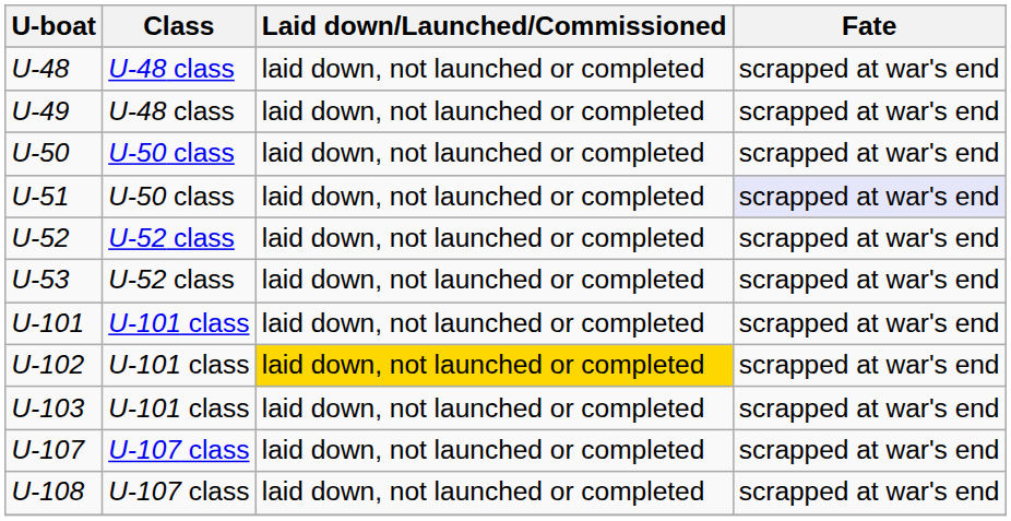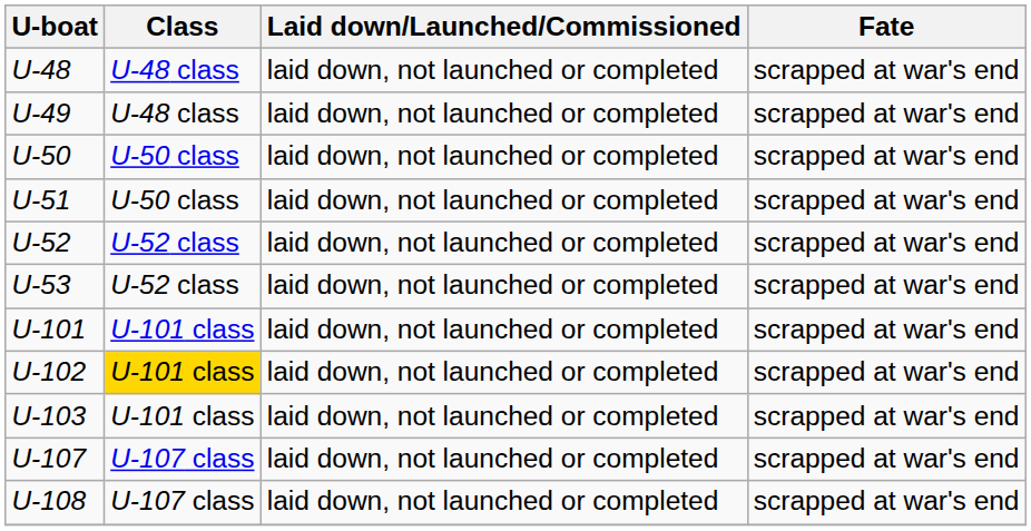 <table class="wikitable nowraplinks sortable">
 <tr>
 <th>U-boat</th>
 <th>Class</th>
 <th>Laid down/Launched/Commissioned</th>
 <th>Fate</th>
 </tr>
 <tr>
 <td><em>U-48</em></td>
 <td><a href='#'><em>U-48</em> class</a></td>
 <td>laid down, not launched or completed</td>
 <td>scrapped at war's end</td>
 </tr>
 <tr>
 <td><em>U-49</em></td>
 <td><em>U-48</em> class</td>
 <td>laid down, not launched or completed</td>
 <td>scrapped at war's end</td>
 </tr>
 <tr>
 <td><em>U-50</em></td>
 <td><a href='#'><em>U-50</em> class</a></td>
 <td>laid down, not launched or completed</td>
 <td>scrapped at war's end</td>
 </tr>
 <tr>
 <td><em>U-51</em></td>
 <td><em>U-50</em> class</td>
 <td>laid down, not launched or completed</td>
-<td style="background: lavender;">scrapped at war's end</td>
+<td>scrapped at war's end</td>
 </tr>
 <tr>
 <td><em>U-52</em></td>
 <td><a href='#'><em>U-52</em> class</a></td>
 <td>laid down, not launched or completed</td>
 <td>scrapped at war's end</td>
 </tr>
 <tr>
 <td><em>U-53</em></td>
 <td><em>U-52</em> class</td>
 <td>laid down, not launched or completed</td>
 <td>scrapped at war's end</td>
 </tr>
 <tr>
 <td><em>U-101</em></td>
 <td><a href='#'><em>U-101</em> class</a></td>
 <td>laid down, not launched or completed</td>
 <td>scrapped at war's end</td>
 </tr>
 <tr>
 <td><em>U-102</em></td>
-<td><em>U-101</em> class</td>
-<td style="background: gold;">laid down, not launched or completed</td>
+<td style="background: gold;"><em>U-101</em> class</td>
+<td>laid down, not launched or completed</td>
 <td>scrapped at war's end</td>
 </tr>
 <tr>
 <td><em>U-103</em></td>
 <td><em>U-101</em> class</td>
 <td>laid down, not launched or completed</td>
 <td>scrapped at war's end</td>
 </tr>
 <tr>
 <td><em>U-107</em></td>
 <td><a href='#'><em>U-107</em> class</a></td>
 <td>laid down, not launched or completed</td>
 <td>scrapped at war's end</td>
 </tr>
 <tr>
 <td><em>U-108</em></td>
 <td><em>U-107</em> class</td>
 <td>laid down, not launched or completed</td>
 <td>scrapped at war's end</td>
 </tr>
 <tr>
 </tr>
 </table>
